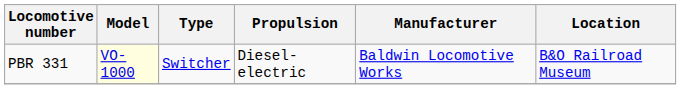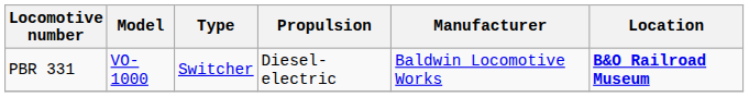 <table class = "wikitable">
 <tr>
 <th>Locomotive<br>number</th>
 <th>Model</th>
 <th>Type</th>
 <th>Propulsion</th>
 <th>Manufacturer</th>
 <th>Location</th>
 </tr>
 <tr>
 <td>PBR 331</td>
-<td style="background: lightyellow;"><a href='#'>VO-1000</a></td>
+<td><a href='#'>VO-1000</a></td>
 <td><a href='#'>Switcher</a></td>
 <td>Diesel-electric</td>
 <td><a href='#'>Baldwin Locomotive Works</a></td>
-<td><a href='#'>B&O Railroad Museum</a></td>
+<td><strong><a href='#'>B&O Railroad Museum</a></strong></td>
 </tr>
 <tr>
 </tr>
 </table>
